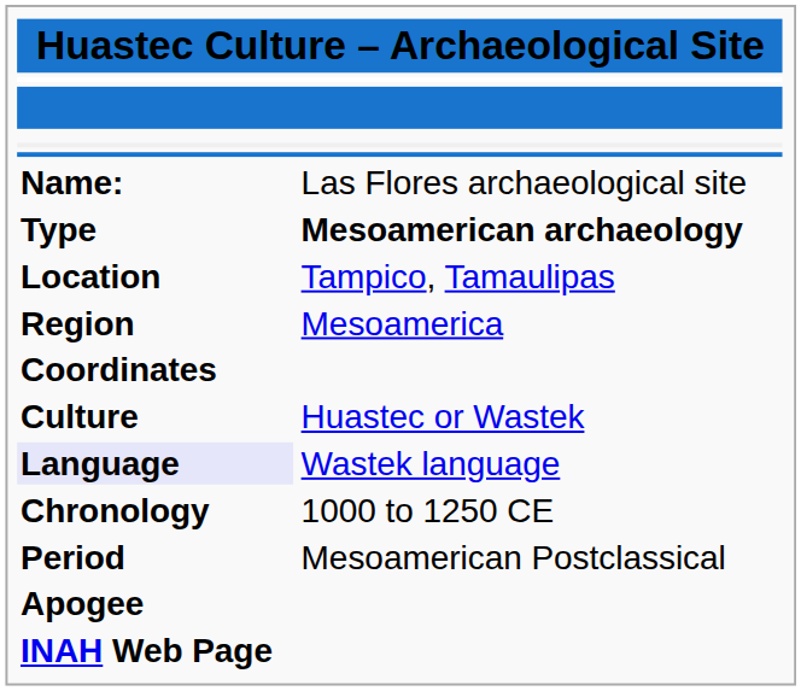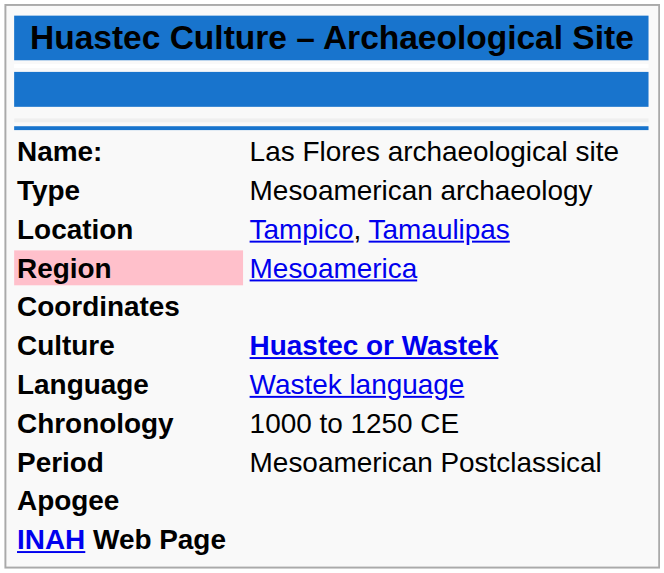 <table class="infobox" style="font-size:90%; text-align:left; width:23.5em">
 <tr>
 <td colspan="3" bgcolor=#1874CD style="text-align: center; font-size: larger;"><span><strong> Huastec Culture – Archaeological Site</strong></span></td>
 </tr>
 <tr style="vertical-align: top; text-align: center;">
 <td colspan=3 bgcolor="#FFFFFF" align="center"></td>
 </tr>
 <tr>
 <td colspan="2" bgcolor=#1874CD><br></td>
 </tr>
 <tr>
 <td colspan=2></td>
 </tr>
 <tr>
 <td style="background:#efefef;"align="center" colspan="2"></td>
 </tr>
 <tr>
 <td colspan="2" bgcolor=#1874CD></td>
 </tr>
 <tr>
 <td><strong>Name:</strong></td>
 <td><span> Las Flores archaeological site</span></td>
 </tr>
 <tr>
 <td><strong>Type</strong></td>
-<td><strong>Mesoamerican archaeology</strong></td>
+<td>Mesoamerican archaeology</td>
 </tr>
 <tr>
 <td><strong>Location</strong></td>
 <td><a href='#'>Tampico</a>, <a href='#'>Tamaulipas</a> <br></td>
 </tr>
 <tr>
-<td><strong>Region</strong></td>
+<td style="background: pink;"><strong>Region</strong></td>
 <td><a href='#'>Mesoamerica</a></td>
 </tr>
 <tr>
 <td><strong>Coordinates</strong></td>
 <td></td>
 </tr>
 <tr>
 <td><strong>Culture</strong></td>
-<td><a href='#'>Huastec or Wastek</a></td>
+<td><strong><a href='#'>Huastec or Wastek</a></strong></td>
 </tr>
 <tr>
-<td style="background: lavender;"><strong>Language</strong></td>
+<td><strong>Language</strong></td>
 <td><a href='#'>Wastek language</a></td>
 </tr>
 <tr>
 <td><strong>Chronology</strong></td>
 <td>1000 to 1250 CE</td>
 </tr>
 <tr>
 <td><strong>Period</strong></td>
 <td>Mesoamerican Postclassical</td>
 </tr>
 <tr>
 <td><strong>Apogee</strong></td>
 <td></td>
 </tr>
 <tr>
 <td><strong><a href='#'>INAH</a> Web Page</strong></td>
 <td></td>
 </tr>
 </table>
